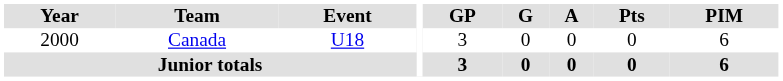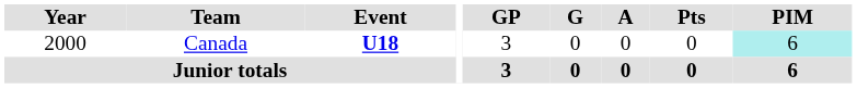 <table border="0" cellpadding="1" cellspacing="0" ID="Table3" style="text-align:center; width:40em">
 <tr ALIGN="center" bgcolor="#e0e0e0">
 <th>Year</th>
 <th>Team</th>
 <th>Event</th>
 <th rowspan="99" bgcolor="#ffffff"></th>
 <th>GP</th>
 <th>G</th>
 <th>A</th>
 <th>Pts</th>
 <th>PIM</th>
 </tr>
 <tr>
 <td>2000</td>
 <td><a href='#'>Canada</a></td>
-<td><a href='#'>U18</a></td>
+<td><strong><a href='#'>U18</a></strong></td>
 <td>3</td>
 <td>0</td>
 <td>0</td>
 <td>0</td>
-<td>6</td>
+<td style="background: paleturquoise;">6</td>
 </tr>
 <tr bgcolor="#e0e0e0">
 <th colspan="3">Junior totals</th>
 <th>3</th>
 <th>0</th>
 <th>0</th>
 <th>0</th>
 <th>6</th>
 </tr>
 </table>
